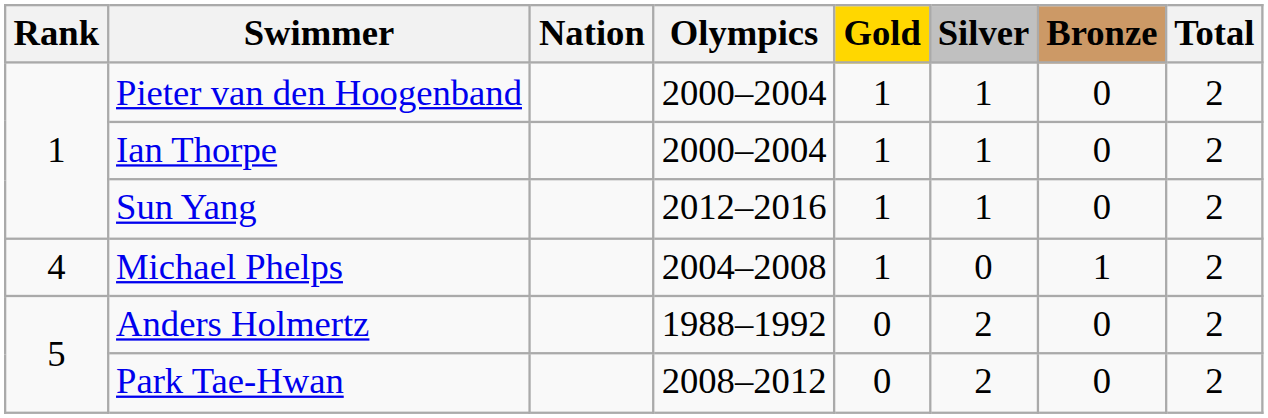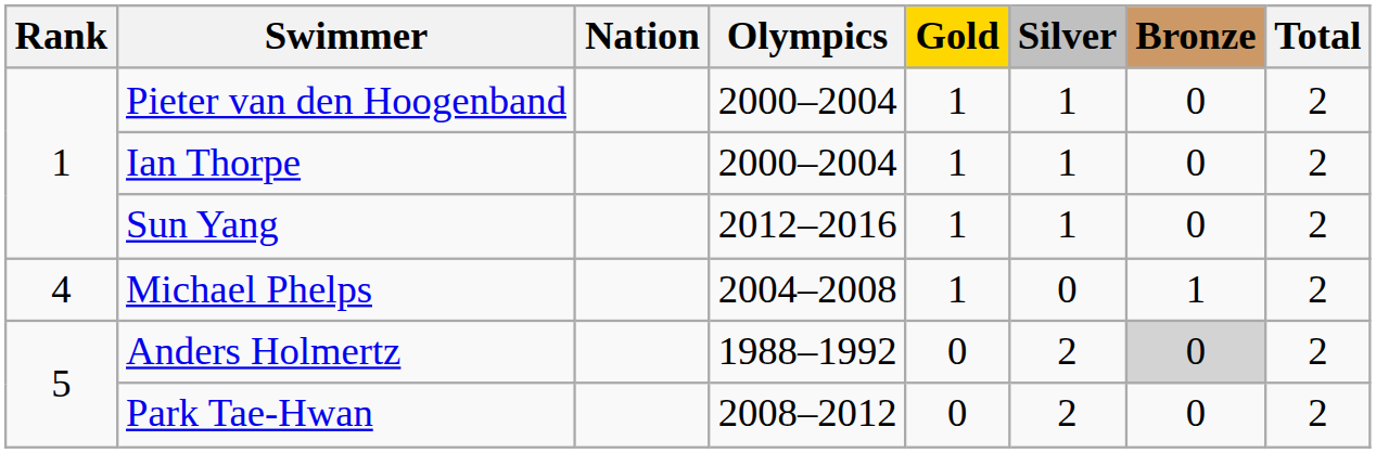 <table class="wikitable sortable" style="text-align:center">
 <tr>
 <th>Rank</th>
 <th>Swimmer</th>
 <th>Nation</th>
 <th>Olympics</th>
 <th style="background-color:gold">Gold</th>
 <th style="background-color:silver">Silver</th>
 <th style="background-color:#cc9966">Bronze</th>
 <th>Total</th>
 </tr>
 <tr>
 <td rowspan=3>1</td>
 <td align=left data-sort-value="Hoogenband, Pieter van den"><a href='#'>Pieter van den Hoogenband</a></td>
 <td align=left></td>
 <td>2000–2004</td>
 <td>1</td>
 <td>1</td>
 <td>0</td>
 <td>2</td>
 </tr>
 <tr>
 <td align=left data-sort-value="Thorpe, Ian"><a href='#'>Ian Thorpe</a></td>
 <td align=left></td>
 <td>2000–2004</td>
 <td>1</td>
 <td>1</td>
 <td>0</td>
 <td>2</td>
 </tr>
 <tr>
 <td align=left data-sort-value="Sun, Yang"><a href='#'>Sun Yang</a></td>
 <td align=left></td>
 <td>2012–2016</td>
 <td>1</td>
 <td>1</td>
 <td>0</td>
 <td>2</td>
 </tr>
 <tr>
 <td>4</td>
 <td align=left data-sort-value="Phelps, Michael"><a href='#'>Michael Phelps</a></td>
 <td align=left></td>
 <td>2004–2008</td>
 <td>1</td>
 <td>0</td>
 <td>1</td>
 <td>2</td>
 </tr>
 <tr>
 <td rowspan=2>5</td>
 <td align=left data-sort-value="Holmertz, Anders"><a href='#'>Anders Holmertz</a></td>
 <td align=left></td>
 <td>1988–1992</td>
 <td>0</td>
 <td>2</td>
-<td>0</td>
+<td style="background: lightgrey;">0</td>
 <td>2</td>
 </tr>
 <tr>
 <td align=left data-sort-value="Park, Tae-Hwan"><a href='#'>Park Tae-Hwan</a></td>
 <td align=left></td>
 <td>2008–2012</td>
 <td>0</td>
 <td>2</td>
 <td>0</td>
 <td>2</td>
 </tr>
 </table>
